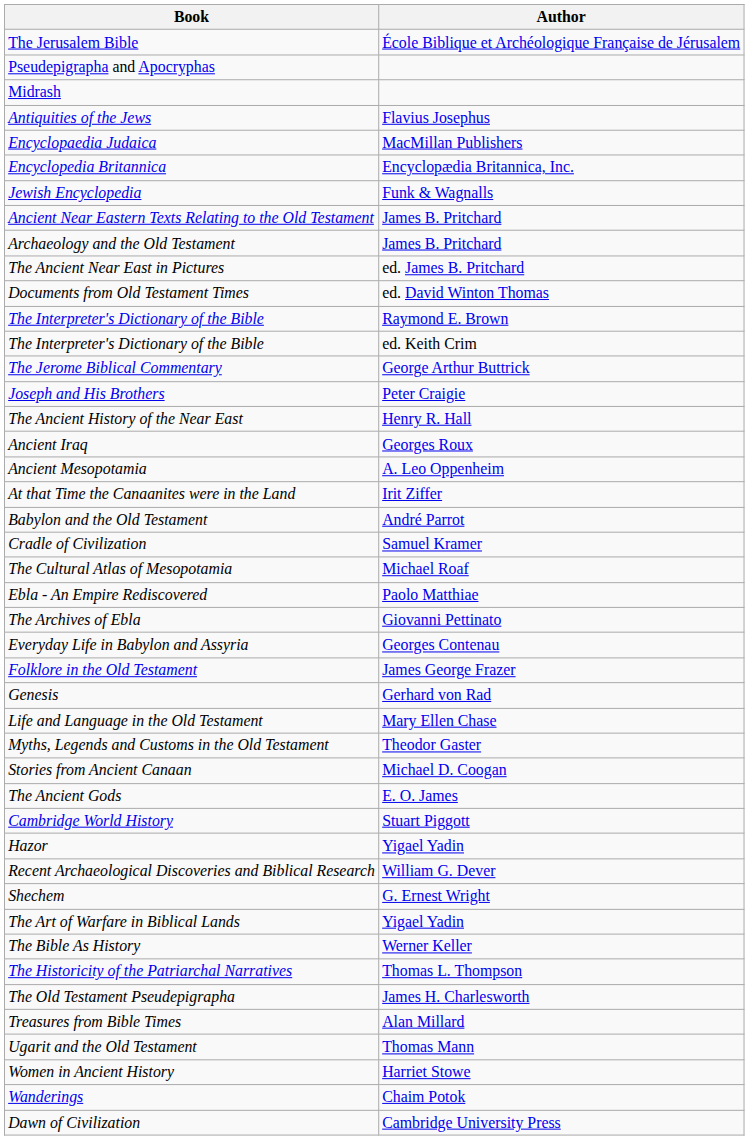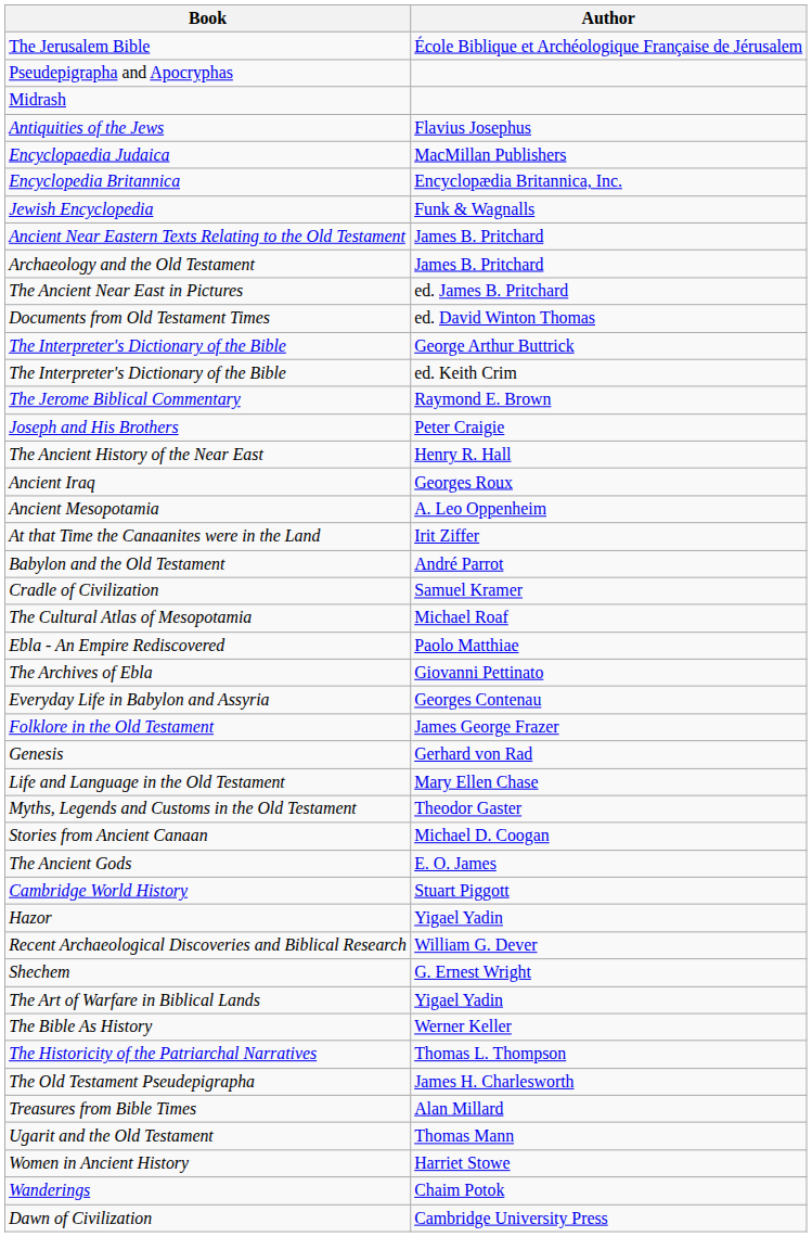 <table class="wikitable sortable">
 <tr>
 <th>Book</th>
 <th>Author</th>
 </tr>
 <tr>
 <td><a href='#'>The Jerusalem Bible</a></td>
 <td><a href='#'>École Biblique et Archéologique Française de Jérusalem</a></td>
 </tr>
 <tr>
 <td><a href='#'>Pseudepigrapha</a> and <a href='#'>Apocryphas</a></td>
 <td></td>
 </tr>
 <tr>
 <td><a href='#'>Midrash</a></td>
 <td></td>
 </tr>
 <tr>
 <td><em><a href='#'>Antiquities of the Jews</a></em></td>
 <td><a href='#'>Flavius Josephus</a></td>
 </tr>
 <tr>
 <td><em><a href='#'>Encyclopaedia Judaica</a></em></td>
 <td><a href='#'>MacMillan Publishers</a></td>
 </tr>
 <tr>
 <td><em><a href='#'>Encyclopedia Britannica</a></em></td>
 <td><a href='#'>Encyclopædia Britannica, Inc.</a></td>
 </tr>
 <tr>
 <td><a href='#'><em>Jewish Encyclopedia</em></a></td>
 <td><a href='#'>Funk & Wagnalls</a><br></td>
 </tr>
 <tr>
 <td><em><a href='#'>Ancient Near Eastern Texts Relating to the Old Testament</a></em></td>
 <td><a href='#'>James B. Pritchard</a></td>
 </tr>
 <tr>
 <td><em>Archaeology and the Old Testament</em></td>
 <td><a href='#'>James B. Pritchard</a></td>
 </tr>
 <tr>
 <td><em>The Ancient Near East in Pictures</em></td>
 <td>ed. <a href='#'>James B. Pritchard</a></td>
 </tr>
 <tr>
 <td><em>Documents from Old Testament Times</em></td>
 <td>ed. <a href='#'>David Winton Thomas</a></td>
 </tr>
 <tr>
 <td><a href='#'><em>The Interpreter's Dictionary of the Bible</em></a></td>
-<td><a href='#'>Raymond E. Brown</a></td>
+<td><a href='#'>George Arthur Buttrick</a></td>
 </tr>
 <tr>
 <td><em>The Interpreter's Dictionary of the Bible</em></td>
 <td>ed. Keith Crim</td>
 </tr>
 <tr>
 <td><a href='#'><em>The Jerome Biblical Commentary</em></a></td>
-<td><a href='#'>George Arthur Buttrick</a></td>
+<td><a href='#'>Raymond E. Brown</a></td>
 </tr>
 <tr>
 <td><em><a href='#'>Joseph and His Brothers</a></em></td>
 <td><a href='#'>Peter Craigie</a></td>
 </tr>
 <tr>
 <td><em>The Ancient History of the Near East</em></td>
 <td><a href='#'>Henry R. Hall</a></td>
 </tr>
 <tr>
 <td><em>Ancient Iraq</em></td>
 <td><a href='#'>Georges Roux</a></td>
 </tr>
 <tr>
 <td><em>Ancient Mesopotamia</em></td>
 <td><a href='#'>A. Leo Oppenheim</a></td>
 </tr>
 <tr>
 <td><em>At that Time the Canaanites were in the Land</em></td>
 <td><a href='#'>Irit Ziffer</a></td>
 </tr>
 <tr>
 <td><em>Babylon and the Old Testament</em></td>
 <td><a href='#'>André Parrot</a></td>
 </tr>
 <tr>
 <td><em>Cradle of Civilization</em></td>
 <td><a href='#'>Samuel Kramer</a></td>
 </tr>
 <tr>
 <td><em>The Cultural Atlas of Mesopotamia</em></td>
 <td><a href='#'>Michael Roaf</a></td>
 </tr>
 <tr>
 <td><em>Ebla - An Empire Rediscovered</em></td>
 <td><a href='#'>Paolo Matthiae</a></td>
 </tr>
 <tr>
 <td><em>The Archives of Ebla</em></td>
 <td><a href='#'>Giovanni Pettinato</a></td>
 </tr>
 <tr>
 <td><em>Everyday Life in Babylon and Assyria</em></td>
 <td><a href='#'>Georges Contenau</a></td>
 </tr>
 <tr>
 <td><em><a href='#'>Folklore in the Old Testament</a></em></td>
 <td><a href='#'>James George Frazer</a></td>
 </tr>
 <tr>
 <td><em>Genesis</em></td>
 <td><a href='#'>Gerhard von Rad</a></td>
 </tr>
 <tr>
 <td><em>Life and Language in the Old Testament</em></td>
 <td><a href='#'>Mary Ellen Chase</a></td>
 </tr>
 <tr>
 <td><em>Myths, Legends and Customs in the Old Testament</em></td>
 <td><a href='#'>Theodor Gaster</a></td>
 </tr>
 <tr>
 <td><em>Stories from Ancient Canaan</em></td>
 <td><a href='#'>Michael D. Coogan</a></td>
 </tr>
 <tr>
 <td><em>The Ancient Gods</em></td>
 <td><a href='#'>E. O. James</a></td>
 </tr>
 <tr>
 <td><em><a href='#'>Cambridge World History</a></em></td>
 <td><a href='#'>Stuart Piggott</a></td>
 </tr>
 <tr>
 <td><em>Hazor</em></td>
 <td><a href='#'>Yigael Yadin</a></td>
 </tr>
 <tr>
 <td><em>Recent Archaeological Discoveries and Biblical Research</em></td>
 <td><a href='#'>William G. Dever</a></td>
 </tr>
 <tr>
 <td><em>Shechem</em></td>
 <td><a href='#'>G. Ernest Wright</a></td>
 </tr>
 <tr>
 <td><em>The Art of Warfare in Biblical Lands</em></td>
 <td><a href='#'>Yigael Yadin</a></td>
 </tr>
 <tr>
 <td><em>The Bible As History</em></td>
 <td><a href='#'>Werner Keller</a></td>
 </tr>
 <tr>
 <td><em><a href='#'>The Historicity of the Patriarchal Narratives</a></em></td>
 <td><a href='#'>Thomas L. Thompson</a></td>
 </tr>
 <tr>
 <td><em>The Old Testament Pseudepigrapha</em></td>
 <td><a href='#'>James H. Charlesworth</a></td>
 </tr>
 <tr>
 <td><em>Treasures from Bible Times</em></td>
 <td><a href='#'>Alan Millard</a></td>
 </tr>
 <tr>
 <td><em>Ugarit and the Old Testament</em></td>
 <td><a href='#'>Thomas Mann</a></td>
 </tr>
 <tr>
 <td><em>Women in Ancient History</em></td>
 <td><a href='#'>Harriet Stowe</a></td>
 </tr>
 <tr>
 <td><a href='#'><em>Wanderings</em></a></td>
 <td><a href='#'>Chaim Potok</a></td>
 </tr>
 <tr>
 <td><em>Dawn of Civilization</em></td>
 <td><a href='#'>Cambridge University Press</a></td>
 </tr>
 </table>
